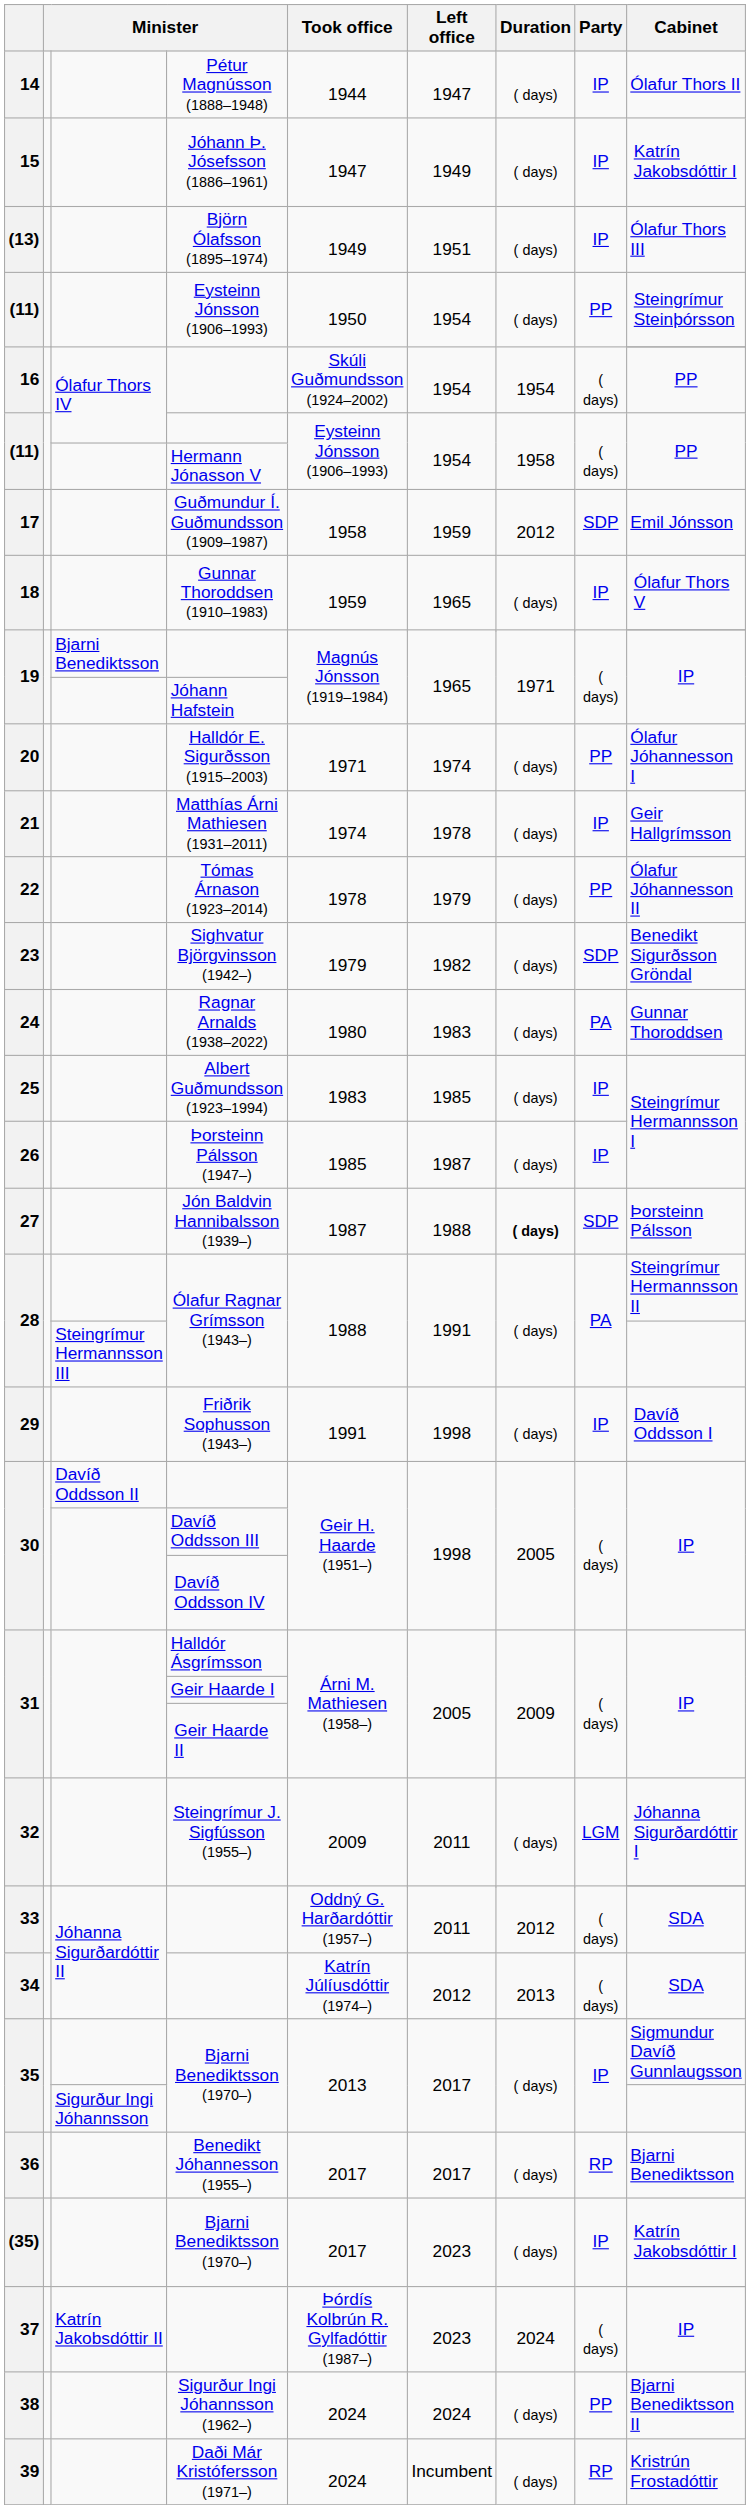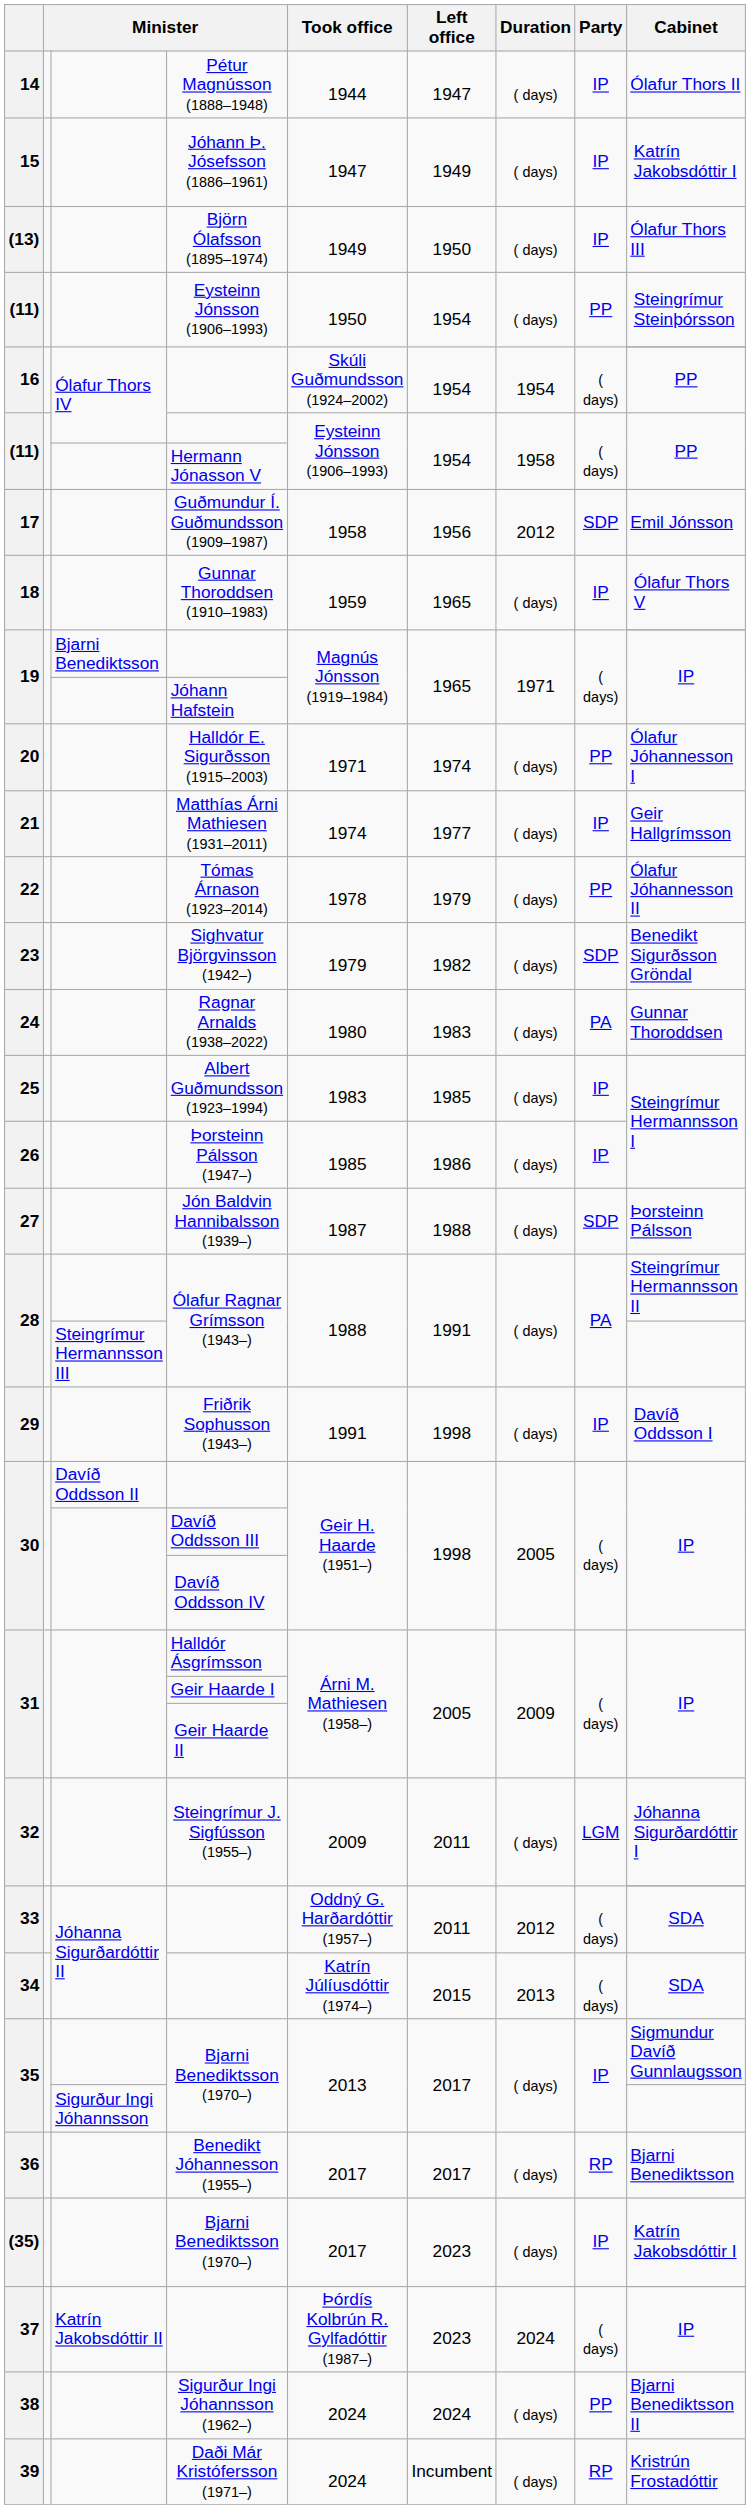 <table class="wikitable" style="text-align: center;">
 <tr>
 <th width="25px"></th>
 <th colspan="3">Minister</th>
 <th width="75px">Took office</th>
 <th width="75px">Left office</th>
 <th>Duration</th>
 <th>Party</th>
 <th>Cabinet</th>
 </tr>
 <tr>
 <th style="text-align: right;">14</th>
 <td></td>
 <td></td>
 <td><a href='#'>Pétur Magnússon</a><br><small>(1888–1948)</small></td>
 <td><br>1944</td>
 <td><br>1947</td>
 <td><br><small>( days)</small></td>
 <td><a href='#'>IP</a></td>
 <td style="text-align: left;"><a href='#'>Ólafur Thors II</a></td>
 </tr>
 <tr>
 <th style="text-align: right;">15</th>
 <td></td>
 <td></td>
 <td><a href='#'>Jóhann Þ. Jósefsson</a><br><small>(1886–1961)</small></td>
 <td><br>1947</td>
 <td><br>1949</td>
 <td><br><small>( days)</small></td>
 <td><a href='#'>IP</a></td>
 <td style="text-align: left; padding: 1.4em 0.4em;"><a href='#'>Katrín Jakobsdóttir I</a></td>
 </tr>
 <tr>
 <th style="text-align: right;">(13)</th>
 <td></td>
 <td></td>
 <td><a href='#'>Björn Ólafsson</a><br><small>(1895–1974)</small></td>
 <td><br>1949</td>
-<td><br>1951</td>
+<td><br>1950</td>
 <td><br><small>( days)</small></td>
 <td><a href='#'>IP</a></td>
 <td style="text-align: left;"><a href='#'>Ólafur Thors III</a></td>
 </tr>
 <tr>
 <th rowspan="2" style="text-align: right;">(11)</th>
 <td rowspan="2"></td>
 <td></td>
 <td rowspan="2"><a href='#'>Eysteinn Jónsson</a><br><small>(1906–1993)</small></td>
 <td rowspan="2"><br>1950</td>
 <td rowspan="2"><br>1954</td>
 <td rowspan="2"><br><small>( days)</small></td>
 <td rowspan="2"><a href='#'>PP</a></td>
 <td style="text-align: left; padding: 1em 0.4em;"><a href='#'>Steingrímur Steinþórsson</a></td>
 </tr>
 <tr>
 <td rowspan="3" style="text-align: left;"><a href='#'>Ólafur Thors IV</a></td>
 </tr>
 <tr>
 <th style="text-align: right;">16</th>
 <td></td>
 <td></td>
 <td><a href='#'>Skúli Guðmundsson</a><br><small>(1924–2002)</small></td>
 <td><br>1954</td>
 <td><br>1954</td>
 <td><br><small>( days)</small></td>
 <td><a href='#'>PP</a></td>
 </tr>
 <tr>
 <th rowspan="2" style="text-align: right;">(11)</th>
 <td rowspan="2"></td>
 <td height="20" style="border-bottom:solid 0 grey; background:"></td>
 <td rowspan="2"><a href='#'>Eysteinn Jónsson</a><br><small>(1906–1993)</small></td>
 <td rowspan="2"><br>1954</td>
 <td rowspan="2"><br>1958</td>
 <td rowspan="2"><br><small>( days)</small></td>
 <td rowspan="2"><a href='#'>PP</a></td>
 </tr>
 <tr>
 <td height="20" style="border-top:solid 0 grey; background:"></td>
 <td style="text-align: left;"><a href='#'>Hermann Jónasson V</a></td>
 </tr>
 <tr>
 <th style="text-align: right;">17</th>
 <td></td>
 <td></td>
 <td><a href='#'>Guðmundur Í. Guðmundsson</a><br><small>(1909–1987)</small></td>
 <td><br>1958</td>
-<td><br>1959</td>
+<td><br>1956</td>
 <td><br>2012</td>
 <td><a href='#'>SDP</a></td>
 <td style="text-align: left;"><a href='#'>Emil Jónsson</a></td>
 </tr>
 <tr>
 <th rowspan="2" style="text-align: right;">18</th>
 <td rowspan="2"></td>
 <td></td>
 <td rowspan="2"><a href='#'>Gunnar Thoroddsen</a><br><small>(1910–1983)</small></td>
 <td rowspan="2"><br>1959</td>
 <td rowspan="2"><br>1965</td>
 <td rowspan="2"><br><small>( days)</small></td>
 <td rowspan="2"><a href='#'>IP</a></td>
 <td style="text-align: left; padding: 1em 0.4em;"><a href='#'>Ólafur Thors V</a></td>
 </tr>
 <tr>
 <td rowspan="2" style="text-align: left;"><a href='#'>Bjarni Benediktsson</a></td>
 </tr>
 <tr>
 <th rowspan="2" style="text-align: right;">19</th>
 <td rowspan="2"></td>
 <td height="20" style="border-bottom:solid 0 grey; background:"></td>
 <td rowspan="2"><a href='#'>Magnús Jónsson</a><br><small>(1919–1984)</small></td>
 <td rowspan="2"><br>1965</td>
 <td rowspan="2"><br>1971</td>
 <td rowspan="2"><br><small>( days)</small></td>
 <td rowspan="2"><a href='#'>IP</a></td>
 </tr>
 <tr>
 <td height="20" style="border-top:solid 0 grey; background:"></td>
 <td style="text-align: left;"><a href='#'>Jóhann Hafstein</a></td>
 </tr>
 <tr>
 <th style="text-align: right;">20</th>
 <td></td>
 <td></td>
 <td><a href='#'>Halldór E. Sigurðsson</a><br><small>(1915–2003)</small></td>
 <td><br>1971</td>
 <td><br>1974</td>
 <td><br><small>( days)</small></td>
 <td><a href='#'>PP</a></td>
 <td style="text-align: left;"><a href='#'>Ólafur Jóhannesson I</a></td>
 </tr>
 <tr>
 <th style="text-align: right;">21</th>
 <td></td>
 <td></td>
 <td><a href='#'>Matthías Árni Mathiesen</a><br><small>(1931–2011)</small></td>
 <td><br>1974</td>
-<td><br>1978</td>
+<td><br>1977</td>
 <td><br><small>( days)</small></td>
 <td><a href='#'>IP</a></td>
 <td style="text-align: left;"><a href='#'>Geir Hallgrímsson</a></td>
 </tr>
 <tr>
 <th style="text-align: right;">22</th>
 <td></td>
 <td></td>
 <td><a href='#'>Tómas Árnason</a><br><small>(1923–2014)</small></td>
 <td><br>1978</td>
 <td><br>1979</td>
 <td><br><small>( days)</small></td>
 <td><a href='#'>PP</a></td>
 <td style="text-align: left;"><a href='#'>Ólafur Jóhannesson II</a></td>
 </tr>
 <tr>
 <th style="text-align: right;">23</th>
 <td></td>
 <td></td>
 <td><a href='#'>Sighvatur Björgvinsson</a><br><small>(1942–)</small></td>
 <td><br>1979</td>
 <td><br>1982</td>
 <td><br><small>( days)</small></td>
 <td><a href='#'>SDP</a></td>
 <td style="text-align: left;"><a href='#'>Benedikt Sigurðsson Gröndal</a></td>
 </tr>
 <tr>
 <th style="text-align: right;">24</th>
 <td></td>
 <td></td>
 <td><a href='#'>Ragnar Arnalds</a><br><small>(1938–2022)</small></td>
 <td><br>1980</td>
 <td><br>1983</td>
 <td><br><small>( days)</small></td>
 <td><a href='#'>PA</a></td>
 <td style="text-align: left;"><a href='#'>Gunnar Thoroddsen</a></td>
 </tr>
 <tr>
 <th style="text-align: right;">25</th>
 <td></td>
 <td></td>
 <td><a href='#'>Albert Guðmundsson</a><br><small>(1923–1994)</small></td>
 <td><br>1983</td>
 <td><br>1985</td>
 <td><br><small>( days)</small></td>
 <td><a href='#'>IP</a></td>
 <td rowspan="2" style="text-align: left;"><a href='#'>Steingrímur Hermannsson I</a></td>
 </tr>
 <tr>
 <th style="text-align: right;">26</th>
 <td></td>
 <td></td>
 <td><a href='#'>Þorsteinn Pálsson</a><br><small>(1947–)</small></td>
 <td><br>1985</td>
-<td><br>1987</td>
+<td><br>1986</td>
 <td><br><small>( days)</small></td>
 <td><a href='#'>IP</a></td>
 </tr>
 <tr>
 <th style="text-align: right;">27</th>
 <td></td>
 <td></td>
 <td><a href='#'>Jón Baldvin Hannibalsson</a><br><small>(1939–)</small></td>
 <td><br>1987</td>
 <td><br>1988</td>
-<td><strong><br><small>( days)</small></strong></td>
+<td><br><small>( days)</small></td>
 <td><a href='#'>SDP</a></td>
 <td style="text-align: left;"><a href='#'>Þorsteinn Pálsson</a></td>
 </tr>
 <tr>
 <th rowspan="2" style="text-align: right;">28</th>
 <td rowspan="2"></td>
 <td></td>
 <td rowspan="2"><a href='#'>Ólafur Ragnar Grímsson</a><br><small>(1943–)</small></td>
 <td rowspan="2"><br>1988</td>
 <td rowspan="2"><br>1991</td>
 <td rowspan="2"><br><small>( days)</small></td>
 <td rowspan="2"><a href='#'>PA</a></td>
 <td style="text-align: left;"><a href='#'>Steingrímur Hermannsson II</a></td>
 </tr>
 <tr>
 <td style="text-align: left;"><a href='#'>Steingrímur Hermannsson III</a></td>
 </tr>
 <tr>
 <th rowspan="2" style="text-align: right;">29</th>
 <td rowspan="2"></td>
 <td></td>
 <td rowspan="2"><a href='#'>Friðrik Sophusson</a><br><small>(1943–)</small></td>
 <td rowspan="2"><br>1991</td>
 <td rowspan="2"><br>1998</td>
 <td rowspan="2"><br><small>( days)</small></td>
 <td rowspan="2"><a href='#'>IP</a></td>
 <td style="text-align: left; padding: 1em 0.4em;"><a href='#'>Davíð Oddsson I</a></td>
 </tr>
 <tr>
 <td rowspan="2" style="text-align: left;"><a href='#'>Davíð Oddsson II</a></td>
 </tr>
 <tr>
 <th rowspan="4" style="text-align: right;">30</th>
 <td rowspan="4"></td>
 <td height="30" style="border-bottom:solid 0 grey; background:"></td>
 <td rowspan="4"><a href='#'>Geir H. Haarde</a><br><small>(1951–)</small></td>
 <td rowspan="4"><br>1998</td>
 <td rowspan="4"><br>2005</td>
 <td rowspan="4"><br><small>( days)</small></td>
 <td rowspan="4"><a href='#'>IP</a></td>
 </tr>
 <tr>
 <td rowspan="3" style="border-top:solid 0 grey; background:"></td>
 <td style="text-align: left;"><a href='#'>Davíð Oddsson III</a></td>
 </tr>
 <tr>
 <td style="text-align: left; padding: 1em 0.4em;"><a href='#'>Davíð Oddsson IV</a></td>
 </tr>
 <tr>
 <td rowspan="2" style="text-align: left;"><a href='#'>Halldór Ásgrímsson</a></td>
 </tr>
 <tr>
 <th rowspan="3" style="text-align: right;">31</th>
 <td rowspan="3"></td>
 <td height="30" style="border-bottom:solid 0 grey; background:"></td>
 <td rowspan="3"><a href='#'>Árni M. Mathiesen</a><br><small>(1958–)</small></td>
 <td rowspan="3"><br>2005</td>
 <td rowspan="3"><br>2009</td>
 <td rowspan="3"><br><small>( days)</small></td>
 <td rowspan="3"><a href='#'>IP</a></td>
 </tr>
 <tr>
 <td rowspan="2" style="border-top:solid 0 grey; background:"></td>
 <td style="text-align: left;"><a href='#'>Geir Haarde I</a></td>
 </tr>
 <tr>
 <td style="text-align: left; padding: 1em 0.4em;"><a href='#'>Geir Haarde II</a></td>
 </tr>
 <tr>
 <th rowspan="2" style="text-align: right;">32</th>
 <td rowspan="2"></td>
 <td></td>
 <td rowspan="2"><a href='#'>Steingrímur J. Sigfússon</a><br><small>(1955–)</small></td>
 <td rowspan="2"><br>2009</td>
 <td rowspan="2"><br>2011</td>
 <td rowspan="2"><br><small>( days)</small></td>
 <td rowspan="2"><a href='#'>LGM</a></td>
 <td style="text-align: left; padding: 1.4em 0.4em;"><a href='#'>Jóhanna Sigurðardóttir I</a></td>
 </tr>
 <tr>
 <td rowspan="3" style="text-align: left;"><a href='#'>Jóhanna Sigurðardóttir II</a></td>
 </tr>
 <tr>
 <th style="text-align: right;">33</th>
 <td></td>
 <td></td>
 <td><a href='#'>Oddný G. Harðardóttir</a><br><small>(1957–)</small></td>
 <td><br>2011</td>
 <td><br>2012</td>
 <td><br><small>( days)</small></td>
 <td><a href='#'>SDA</a></td>
 </tr>
 <tr>
 <th style="text-align: right;">34</th>
 <td></td>
 <td></td>
 <td><a href='#'>Katrín Júlíusdóttir</a><br><small>(1974–)</small></td>
-<td><br>2012</td>
+<td><br>2015</td>
 <td><br>2013</td>
 <td><br><small>( days)</small></td>
 <td><a href='#'>SDA</a></td>
 </tr>
 <tr>
 <th rowspan="2" style="text-align: right;">35</th>
 <td rowspan="2"></td>
 <td></td>
 <td rowspan="2"><a href='#'>Bjarni Benediktsson</a><br><small>(1970–)</small></td>
 <td rowspan="2"><br>2013</td>
 <td rowspan="2"><br>2017</td>
 <td rowspan="2"><br><small>( days)</small></td>
 <td rowspan="2"><a href='#'>IP</a></td>
 <td style="text-align: left;"><a href='#'>Sigmundur Davíð Gunnlaugsson</a></td>
 </tr>
 <tr>
 <td style="text-align: left;"><a href='#'>Sigurður Ingi Jóhannsson</a></td>
 </tr>
 <tr>
 <th style="text-align: right;">36</th>
 <td></td>
 <td></td>
 <td><a href='#'>Benedikt Jóhannesson</a><br><small>(1955–)</small></td>
 <td><br>2017</td>
 <td><br>2017</td>
 <td><br><small>( days)</small></td>
 <td><a href='#'>RP</a></td>
 <td style="text-align: left;"><a href='#'>Bjarni Benediktsson</a></td>
 </tr>
 <tr>
 <th rowspan="2" style="text-align: right;">(35)</th>
 <td rowspan="2"></td>
 <td></td>
 <td rowspan="2"><a href='#'>Bjarni Benediktsson</a><br><small>(1970–)</small></td>
 <td rowspan="2"><br>2017</td>
 <td rowspan="2"><br>2023</td>
 <td rowspan="2"><br><small>( days)</small></td>
 <td rowspan="2"><a href='#'>IP</a></td>
 <td style="text-align: left; padding: 1.4em 0.4em;"><a href='#'>Katrín Jakobsdóttir I</a></td>
 </tr>
 <tr>
 <td rowspan="2" style="text-align: left;"><a href='#'>Katrín Jakobsdóttir II</a></td>
 </tr>
 <tr>
 <th style="text-align: right;">37</th>
 <td></td>
 <td></td>
 <td><a href='#'>Þórdís Kolbrún R. Gylfadóttir</a><br><small>(1987–)</small></td>
 <td><br>2023</td>
 <td><br>2024</td>
 <td><br><small>( days)</small></td>
 <td><a href='#'>IP</a></td>
 </tr>
 <tr>
 <th style="text-align: right;">38</th>
 <td></td>
 <td></td>
 <td><a href='#'>Sigurður Ingi Jóhannsson</a><br><small>(1962–)</small></td>
 <td><br>2024</td>
 <td><br>2024</td>
 <td><br><small>( days)</small></td>
 <td><a href='#'>PP</a></td>
 <td style="text-align: left;"><a href='#'>Bjarni Benediktsson II</a></td>
 </tr>
 <tr>
 <th style="text-align: right;">39</th>
 <td></td>
 <td></td>
 <td><a href='#'>Daði Már Kristófersson</a><br><small>(1971–)</small></td>
 <td><br>2024</td>
 <td>Incumbent</td>
 <td><br><small>( days)</small></td>
 <td><a href='#'>RP</a></td>
 <td style="text-align: left;"><a href='#'>Kristrún Frostadóttir</a></td>
 </tr>
 </table>
